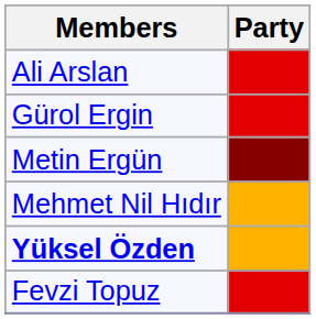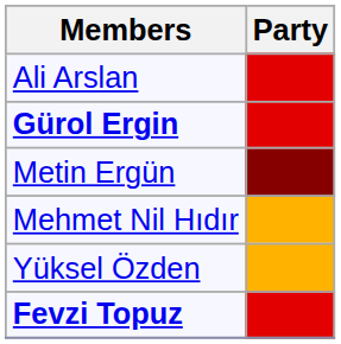 <table class=wikitable style="border:1px solid #8888aa; background-color:#f7f8ff; padding:0px; font-size:90%;">
 <tr>
 <th>Members</th>
 <th colspan="2">Party</th>
 </tr>
 <tr>
 <td><a href='#'>Ali Arslan</a></td>
 <td style="background: #e30000"></td>
 </tr>
 <tr>
-<td><a href='#'>Gürol Ergin</a></td>
+<td><strong><a href='#'>Gürol Ergin</a></strong></td>
 <td style="background: #e30000"></td>
 </tr>
 <tr>
 <td><a href='#'>Metin Ergün</a></td>
 <td style="background: #870000"></td>
 </tr>
 <tr>
 <td><a href='#'>Mehmet Nil Hıdır</a></td>
 <td style="background: #ffb300"></td>
 </tr>
 <tr>
-<td><strong><a href='#'>Yüksel Özden</a></strong></td>
+<td><a href='#'>Yüksel Özden</a></td>
 <td style="background: #ffb300"></td>
 </tr>
 <tr>
-<td><a href='#'>Fevzi Topuz</a></td>
+<td><strong><a href='#'>Fevzi Topuz</a></strong></td>
 <td style="background: #e30000"></td>
 </tr>
 <tr>
 </tr>
 </table>
